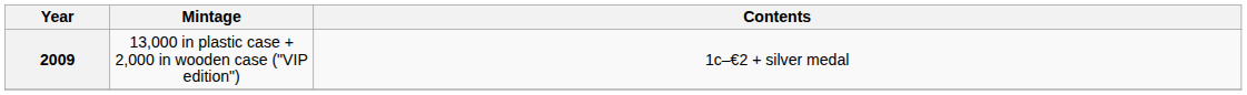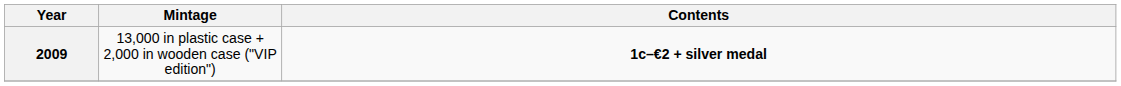 <table class="wikitable" style="width:100%;text-align:center">
 <tr>
 <th width=100px>Year</th>
 <th width=200px>Mintage</th>
 <th>Contents</th>
 </tr>
 <tr>
 <th>2009</th>
 <td>13,000 in plastic case + 2,000 in wooden case ("VIP edition")</td>
-<td>1c–€2 + silver medal</td>
+<td><strong>1c–€2 + silver medal</strong></td>
 </tr>
 <tr>
 </tr>
 </table>
